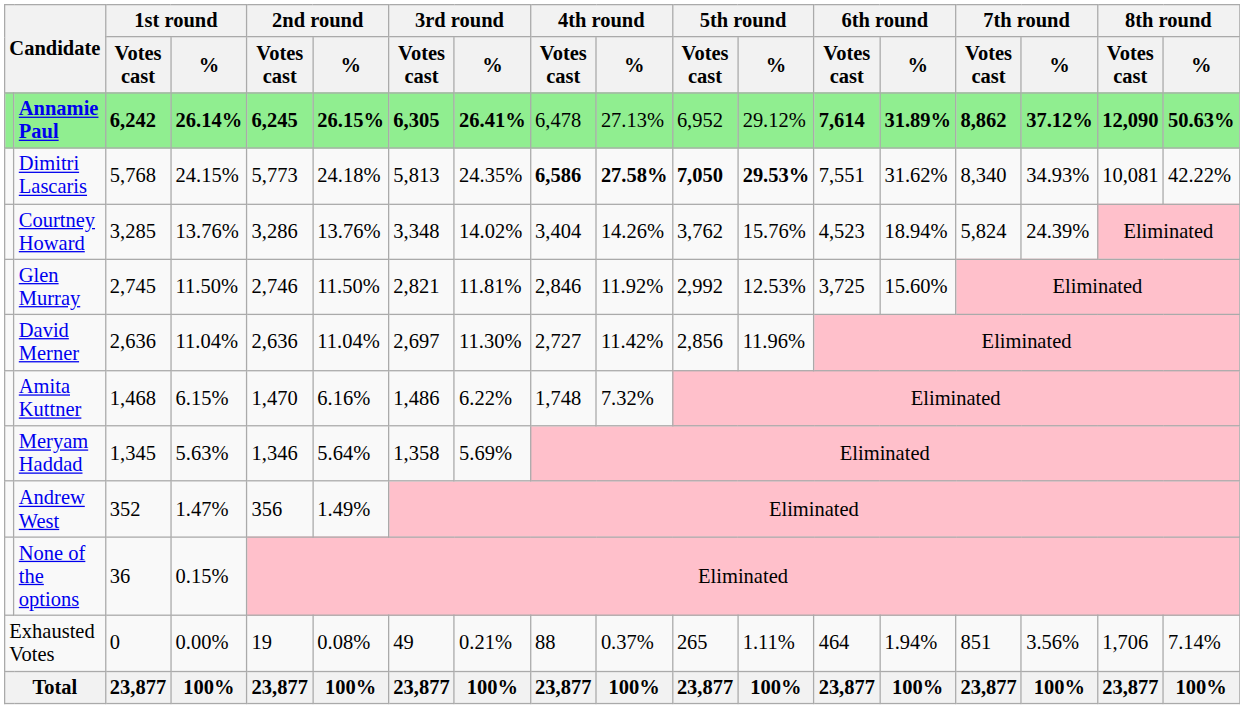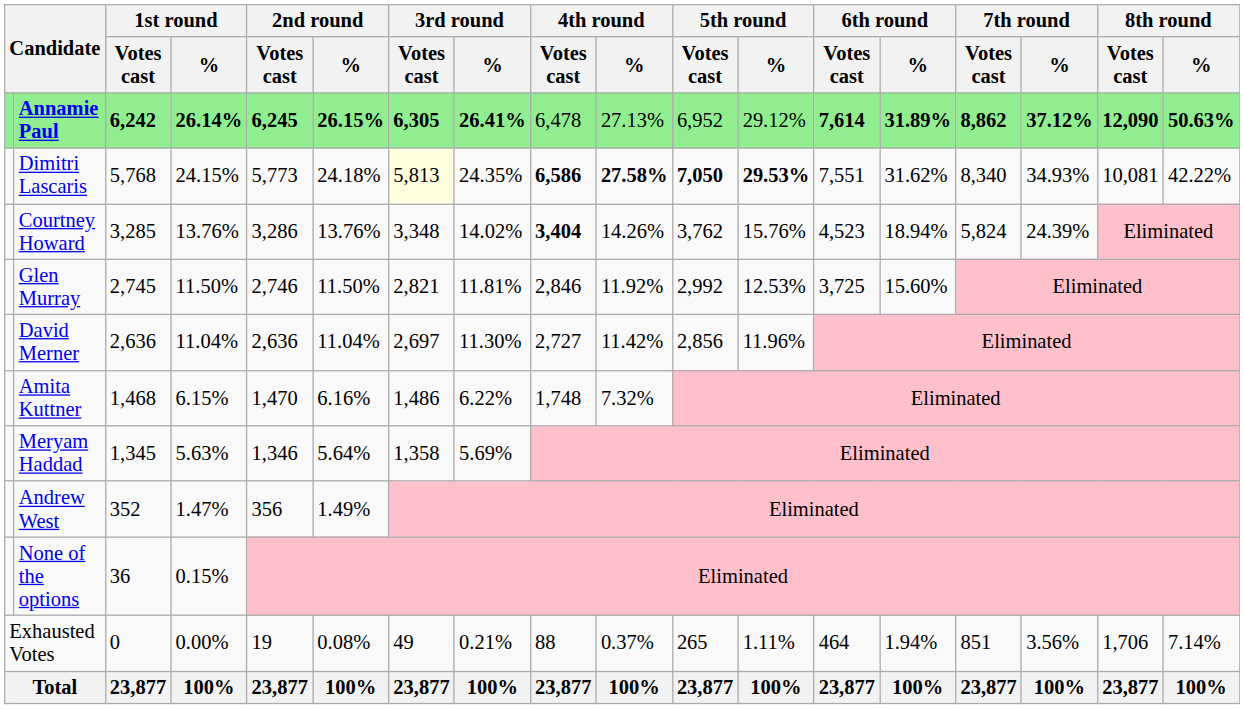 <table class="wikitable">
 <tr>
 <th rowspan="2" colspan="2">Candidate</th>
 <th colspan="2">1st round</th>
 <th colspan="2">2nd round</th>
 <th colspan="2">3rd round</th>
 <th colspan="2">4th round</th>
 <th colspan="2">5th round</th>
 <th colspan="2">6th round</th>
 <th colspan="2">7th round</th>
 <th colspan="2">8th round</th>
 </tr>
 <tr>
 <th>Votes cast</th>
 <th>%</th>
 <th>Votes cast</th>
 <th>%</th>
 <th>Votes cast</th>
 <th>%</th>
 <th>Votes cast</th>
 <th>%</th>
 <th>Votes cast</th>
 <th>%</th>
 <th>Votes cast</th>
 <th>%</th>
 <th>Votes cast</th>
 <th>%</th>
 <th>Votes cast</th>
 <th>%</th>
 </tr>
 <tr style="background:lightgreen;">
 <td></td>
 <td><strong><a href='#'>Annamie Paul</a></strong></td>
 <td><strong>6,242</strong></td>
 <td><strong>26.14%</strong></td>
 <td><strong>6,245</strong></td>
 <td><strong>26.15%</strong></td>
 <td><strong>6,305</strong></td>
 <td><strong>26.41%</strong></td>
 <td>6,478</td>
 <td>27.13%</td>
 <td>6,952</td>
 <td>29.12%</td>
 <td><strong>7,614</strong></td>
 <td><strong>31.89%</strong></td>
 <td><strong>8,862</strong></td>
 <td><strong>37.12%</strong></td>
 <td><strong>12,090</strong></td>
 <td><strong>50.63%</strong></td>
 </tr>
 <tr>
 <td></td>
 <td><a href='#'>Dimitri Lascaris</a></td>
 <td>5,768</td>
 <td>24.15%</td>
 <td>5,773</td>
 <td>24.18%</td>
-<td>5,813</td>
+<td style="background: lightyellow;">5,813</td>
 <td>24.35%</td>
 <td><strong>6,586</strong></td>
 <td><strong>27.58%</strong></td>
 <td><strong>7,050</strong></td>
 <td><strong>29.53%</strong></td>
 <td>7,551</td>
 <td>31.62%</td>
 <td>8,340</td>
 <td>34.93%</td>
 <td>10,081</td>
 <td>42.22%</td>
 </tr>
 <tr>
 <td></td>
 <td><a href='#'>Courtney Howard</a></td>
 <td>3,285</td>
 <td>13.76%</td>
 <td>3,286</td>
 <td>13.76%</td>
 <td>3,348</td>
 <td>14.02%</td>
-<td>3,404</td>
+<td><strong>3,404</strong></td>
 <td>14.26%</td>
 <td>3,762</td>
 <td>15.76%</td>
 <td>4,523</td>
 <td>18.94%</td>
 <td>5,824</td>
 <td>24.39%</td>
 <td colspan="2" style="background:pink; text-align:center">Eliminated</td>
 </tr>
 <tr>
 <td></td>
 <td><a href='#'>Glen Murray</a></td>
 <td>2,745</td>
 <td>11.50%</td>
 <td>2,746</td>
 <td>11.50%</td>
 <td>2,821</td>
 <td>11.81%</td>
 <td>2,846</td>
 <td>11.92%</td>
 <td>2,992</td>
 <td>12.53%</td>
 <td>3,725</td>
 <td>15.60%</td>
 <td colspan="4" style="background:pink; text-align:center">Eliminated</td>
 </tr>
 <tr>
 <td></td>
 <td><a href='#'>David Merner</a></td>
 <td>2,636</td>
 <td>11.04%</td>
 <td>2,636</td>
 <td>11.04%</td>
 <td>2,697</td>
 <td>11.30%</td>
 <td>2,727</td>
 <td>11.42%</td>
 <td>2,856</td>
 <td>11.96%</td>
 <td colspan="6" style="background:pink; text-align:center">Eliminated</td>
 </tr>
 <tr>
 <td></td>
 <td><a href='#'>Amita Kuttner</a></td>
 <td>1,468</td>
 <td>6.15%</td>
 <td>1,470</td>
 <td>6.16%</td>
 <td>1,486</td>
 <td>6.22%</td>
 <td>1,748</td>
 <td>7.32%</td>
 <td colspan="8" style="background:pink; text-align:center">Eliminated</td>
 </tr>
 <tr>
 <td></td>
 <td><a href='#'>Meryam Haddad</a></td>
 <td>1,345</td>
 <td>5.63%</td>
 <td>1,346</td>
 <td>5.64%</td>
 <td>1,358</td>
 <td>5.69%</td>
 <td colspan="10" style="background:pink; text-align:center">Eliminated</td>
 </tr>
 <tr>
 <td></td>
 <td><a href='#'>Andrew West</a></td>
 <td>352</td>
 <td>1.47%</td>
 <td>356</td>
 <td>1.49%</td>
 <td colspan="12" style="background:pink; text-align:center">Eliminated</td>
 </tr>
 <tr>
 <td></td>
 <td><a href='#'>None of the options</a></td>
 <td>36</td>
 <td>0.15%</td>
 <td colspan="14" style="background:pink; text-align:center">Eliminated</td>
 </tr>
 <tr>
 <td colspan="2">Exhausted Votes</td>
 <td>0</td>
 <td>0.00%</td>
 <td>19</td>
 <td>0.08%</td>
 <td>49</td>
 <td>0.21%</td>
 <td>88</td>
 <td>0.37%</td>
 <td>265</td>
 <td>1.11%</td>
 <td>464</td>
 <td>1.94%</td>
 <td>851</td>
 <td>3.56%</td>
 <td>1,706</td>
 <td>7.14%</td>
 </tr>
 <tr>
 <th colspan="2">Total</th>
 <th align="right">23,877</th>
 <th align="right">100%</th>
 <th align="right">23,877</th>
 <th align="right">100%</th>
 <th align="right">23,877</th>
 <th align="right">100%</th>
 <th align="right">23,877</th>
 <th align="right">100%</th>
 <th align="right">23,877</th>
 <th align="right">100%</th>
 <th align="right">23,877</th>
 <th align="right">100%</th>
 <th align="right">23,877</th>
 <th align="right">100%</th>
 <th align="right">23,877</th>
 <th align="right">100%</th>
 </tr>
 </table>
